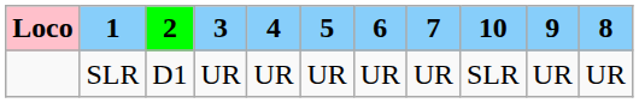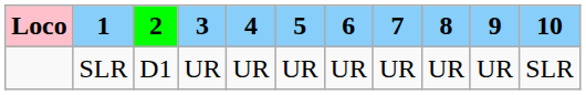 <table class="wikitable plainrowheaders unsortable" style="text-align:center">
 <tr>
 <th scope="col" rowspan="1" style="background:pink;">Loco</th>
 <th scope="col" rowspan="1" style="background:lightskyblue;">1</th>
 <th scope="col" rowspan="1" style="background:lime;">2</th>
 <th scope="col" rowspan="1" style="background:lightskyblue;">3</th>
 <th scope="col" rowspan="1" style="background:lightskyblue;">4</th>
 <th scope="col" rowspan="1" style="background:lightskyblue;">5</th>
 <th scope="col" rowspan="1" style="background:lightskyblue;">6</th>
 <th scope="col" rowspan="1" style="background:lightskyblue;">7</th>
+<th scope="col" rowspan="1" style="background:lightskyblue;">8</th>
+<th scope="col" rowspan="1" style="background:lightskyblue;">9</th>
 <th scope="col" rowspan="1" style="background:lightskyblue;">10</th>
-<th scope="col" rowspan="1" style="background:lightskyblue;">9</th>
-<th scope="col" rowspan="1" style="background:lightskyblue;">8</th>
 </tr>
 <tr>
 <td></td>
 <td>SLR</td>
 <td>D1</td>
 <td>UR</td>
 <td>UR</td>
 <td>UR</td>
 <td>UR</td>
 <td>UR</td>
-<td>SLR</td>
 <td>UR</td>
 <td>UR</td>
+<td>SLR</td>
 </tr>
 </table>
